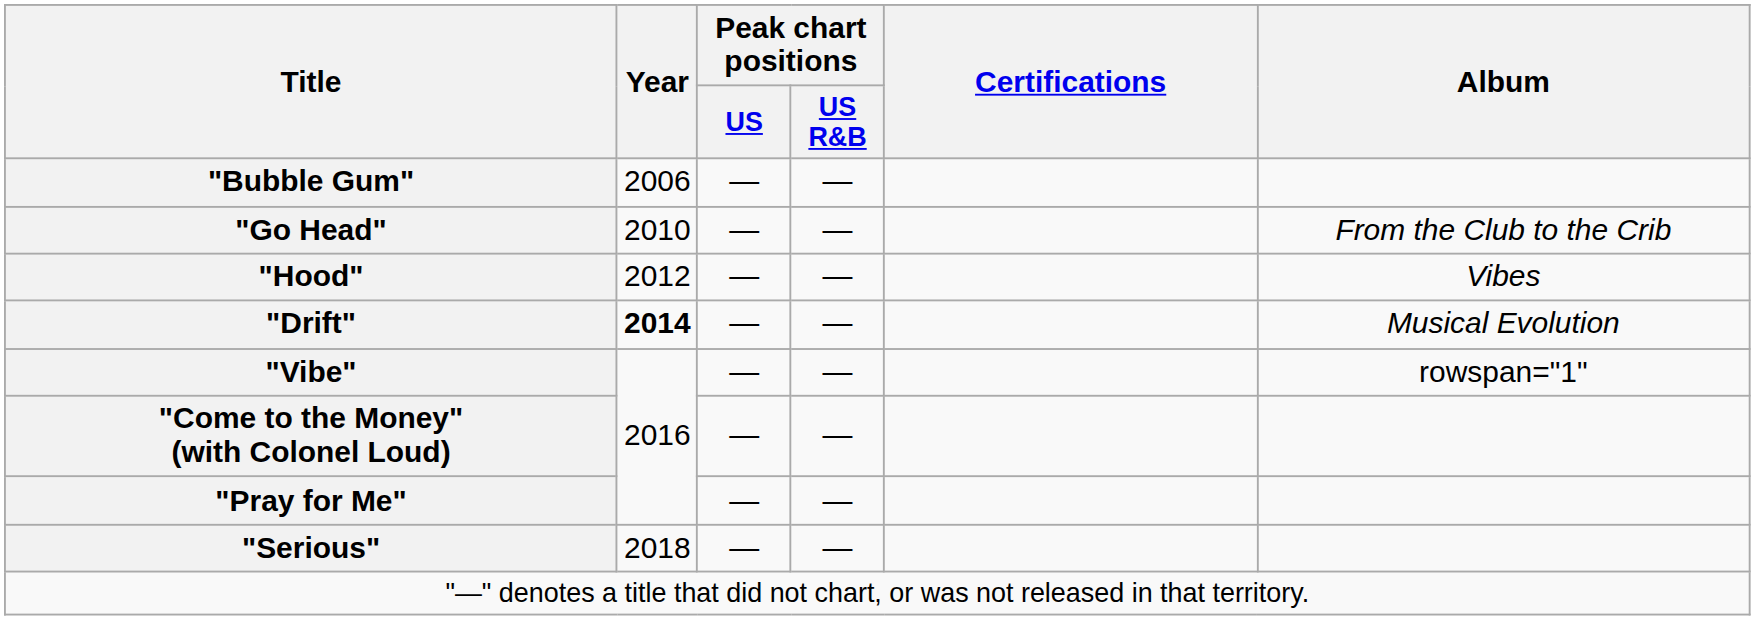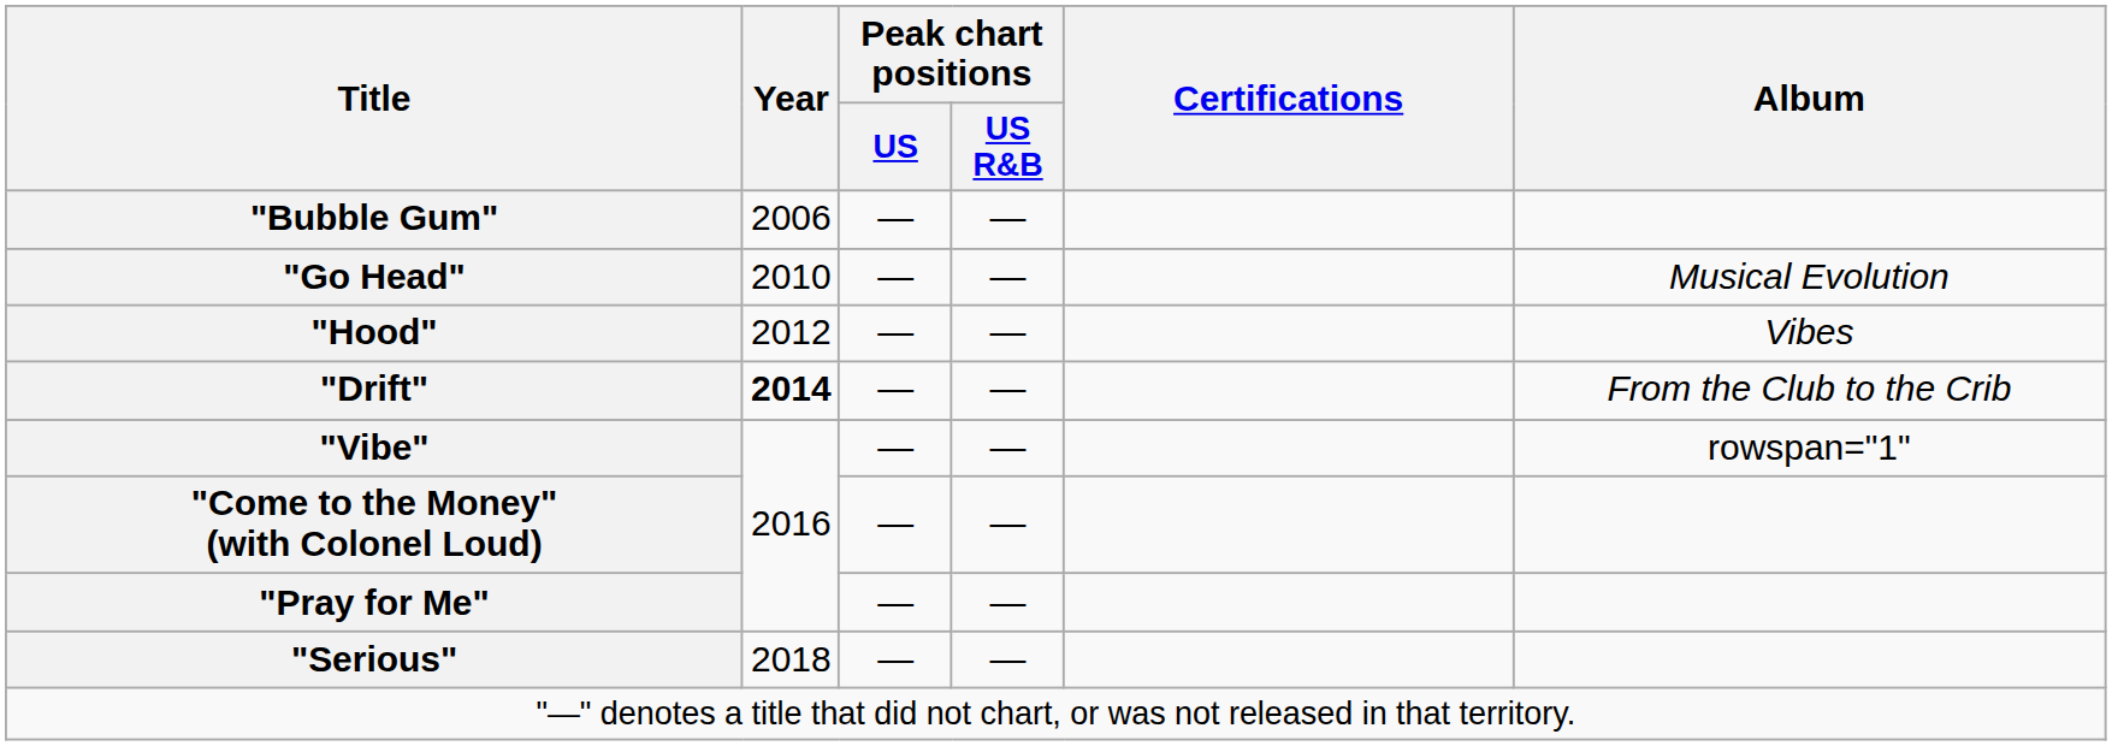 <table class="wikitable plainrowheaders" style="text-align:center;">
 <tr>
 <th scope="col" rowspan="2" style="width:20em;">Title</th>
 <th scope="col" rowspan="2">Year</th>
 <th scope="col" colspan="2">Peak chart positions</th>
 <th scope="col" rowspan="2" style="width:12em;"><a href='#'>Certifications</a></th>
 <th scope="col" rowspan="2" style="width:16em;">Album</th>
 </tr>
 <tr>
 <th style="width:3em;font-size:90%;"><a href='#'>US</a></th>
 <th style="width:3em;font-size:90%;"><a href='#'>US<br>R&B</a></th>
 </tr>
 <tr>
 <th scope="row">"Bubble Gum"</th>
 <td>2006</td>
 <td>—</td>
 <td>—</td>
 <td></td>
 <td></td>
 </tr>
 <tr>
 <th scope="row">"Go Head"</th>
 <td>2010</td>
 <td>—</td>
 <td>—</td>
 <td></td>
-<td><em>From the Club to the Crib</em></td>
+<td><em>Musical Evolution</em></td>
 </tr>
 <tr>
 <th scope="row">"Hood"<br></th>
 <td>2012</td>
 <td>—</td>
 <td>—</td>
 <td></td>
 <td><em>Vibes</em></td>
 </tr>
 <tr>
 <th scope="row">"Drift"</th>
 <td><strong>2014</strong></td>
 <td>—</td>
 <td>—</td>
 <td></td>
-<td><em>Musical Evolution</em></td>
+<td><em>From the Club to the Crib</em></td>
 </tr>
 <tr>
 <th scope="row">"Vibe"<br></th>
 <td rowspan="3">2016</td>
 <td>—</td>
 <td>—</td>
 <td></td>
 <td>rowspan="1" </td>
 </tr>
 <tr>
 <th scope="row">"Come to the Money"<br><span>(with Colonel Loud)</span></th>
 <td>—</td>
 <td>—</td>
 <td></td>
 <td></td>
 </tr>
 <tr>
 <th scope="row">"Pray for Me"</th>
 <td>—</td>
 <td>—</td>
 <td></td>
 <td></td>
 </tr>
 <tr>
 <th scope="row">"Serious"<br></th>
 <td>2018</td>
 <td>—</td>
 <td>—</td>
 <td></td>
 <td></td>
 </tr>
 <tr>
 <td colspan="6" style="font-size:90%">"—" denotes a title that did not chart, or was not released in that territory.</td>
 </tr>
 </table>
